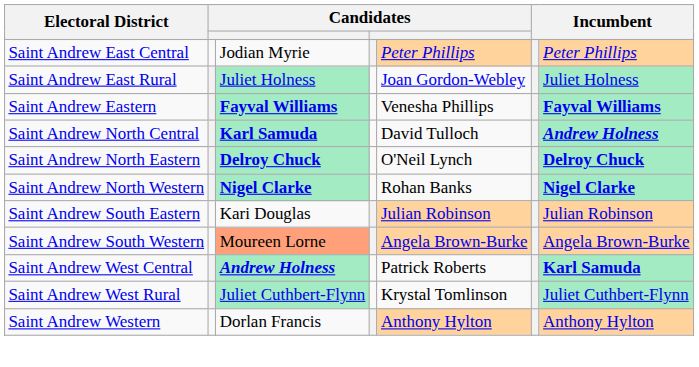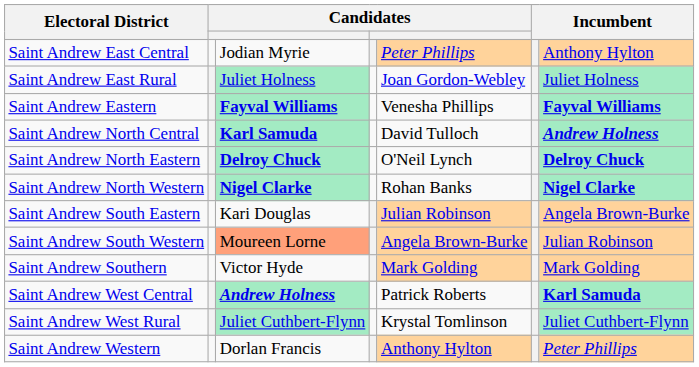 <table class="wikitable">
 <tr>
 <th rowspan="2">Electoral District</th>
 <th colspan="4">Candidates</th>
 <th colspan="2" rowspan="2">Incumbent</th>
 </tr>
 <tr>
 <th colspan="2" style="background:"><a href='#'></a></th>
 <th colspan="2" style="background:"><a href='#'></a></th>
 </tr>
 <tr>
 <td><a href='#'>Saint Andrew East Central</a></td>
 <td></td>
 <td>Jodian Myrie</td>
 <th style="background:"></th>
 <td style="background:#FFD39B"><a href='#'><em>Peter Phillips</em></a></td>
 <th style="background:"></th>
-<td style="background:#FFD39B"><a href='#'><em>Peter Phillips</em></a></td>
+<td style="background:#FFD39B"><a href='#'>Anthony Hylton</a></td>
 </tr>
 <tr>
 <td><a href='#'>Saint Andrew East Rural</a></td>
 <th style="background:"></th>
 <td style="background:#a3ebc3"><a href='#'>Juliet Holness</a></td>
 <td></td>
 <td><a href='#'>Joan Gordon-Webley</a></td>
 <th style="background:"></th>
 <td style="background:#a3ebc3"><a href='#'>Juliet Holness</a></td>
 </tr>
 <tr>
 <td><a href='#'>Saint Andrew Eastern</a></td>
 <th style="background:"></th>
 <td style="background:#a3ebc3"><strong><a href='#'>Fayval Williams</a></strong></td>
 <td></td>
 <td>Venesha Phillips</td>
 <th style="background:"></th>
 <td style="background:#a3ebc3"><strong><a href='#'>Fayval Williams</a></strong></td>
 </tr>
 <tr>
 <td><a href='#'>Saint Andrew North Central</a></td>
 <th style="background:"></th>
 <td style="background:#a3ebc3"><strong><a href='#'>Karl Samuda</a></strong></td>
 <td></td>
 <td>David Tulloch</td>
 <th style="background:"></th>
 <td style="background:#a3ebc3"><strong><em><a href='#'>Andrew Holness</a></em></strong></td>
 </tr>
 <tr>
 <td><a href='#'>Saint Andrew North Eastern</a></td>
 <th style="background:"></th>
 <td style="background:#a3ebc3"><strong><a href='#'>Delroy Chuck</a></strong></td>
 <td></td>
 <td>O'Neil Lynch</td>
 <th style="background:"></th>
 <td style="background:#a3ebc3"><strong><a href='#'>Delroy Chuck</a></strong></td>
 </tr>
 <tr>
 <td><a href='#'>Saint Andrew North Western</a></td>
 <th style="background:"></th>
 <td style="background:#a3ebc3"><a href='#'><strong>Nigel Clarke</strong></a></td>
 <td></td>
 <td>Rohan Banks</td>
 <th style="background:"></th>
 <td style="background:#a3ebc3"><a href='#'><strong>Nigel Clarke</strong></a></td>
 </tr>
 <tr>
 <td><a href='#'>Saint Andrew South Eastern</a></td>
 <td></td>
 <td>Kari Douglas</td>
 <th style="background:"></th>
 <td style="background:#FFD39B"><a href='#'>Julian Robinson</a></td>
 <th style="background:"></th>
-<td style="background:#FFD39B"><a href='#'>Julian Robinson</a></td>
+<td style="background:#FFD39B"><a href='#'>Angela Brown-Burke</a></td>
 </tr>
 <tr>
 <td><a href='#'>Saint Andrew South Western</a></td>
 <td></td>
 <td style="background: lightsalmon;">Moureen Lorne</td>
 <th style="background:"></th>
 <td style="background:#FFD39B"><a href='#'>Angela Brown-Burke</a></td>
 <th style="background:"></th>
-<td style="background:#FFD39B"><a href='#'>Angela Brown-Burke</a></td>
+<td style="background:#FFD39B"><a href='#'>Julian Robinson</a></td>
+</tr>
+<tr>
+<td><a href='#'>Saint Andrew Southern</a></td>
+<td></td>
+<td>Victor Hyde</td>
+<th style="background:"></th>
+<td style="background:#FFD39B"><a href='#'>Mark Golding</a></td>
+<th style="background:"></th>
+<td style="background:#FFD39B"><a href='#'>Mark Golding</a></td>
 </tr>
 <tr>
 <td><a href='#'>Saint Andrew West Central</a></td>
 <th style="background:"></th>
 <td style="background:#a3ebc3"><strong><em><a href='#'>Andrew Holness</a></em></strong></td>
 <td></td>
 <td>Patrick Roberts</td>
 <th style="background:"></th>
 <td style="background:#a3ebc3"><strong><a href='#'>Karl Samuda</a></strong></td>
 </tr>
 <tr>
 <td><a href='#'>Saint Andrew West Rural</a></td>
 <th style="background:"></th>
 <td style="background:#a3ebc3"><a href='#'>Juliet Cuthbert-Flynn</a></td>
 <td></td>
 <td>Krystal Tomlinson</td>
 <th style="background:"></th>
 <td style="background:#a3ebc3"><a href='#'>Juliet Cuthbert-Flynn</a></td>
 </tr>
 <tr>
 <td><a href='#'>Saint Andrew Western</a></td>
 <td></td>
 <td>Dorlan Francis</td>
 <th style="background:"></th>
 <td style="background:#FFD39B"><a href='#'>Anthony Hylton</a></td>
 <th style="background:"></th>
-<td style="background:#FFD39B"><a href='#'>Anthony Hylton</a></td>
+<td style="background:#FFD39B"><a href='#'><em>Peter Phillips</em></a></td>
 </tr>
 </table>
